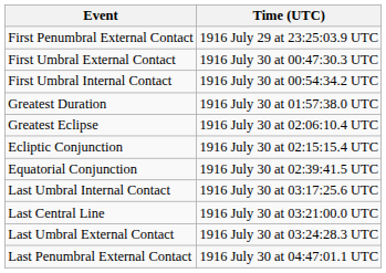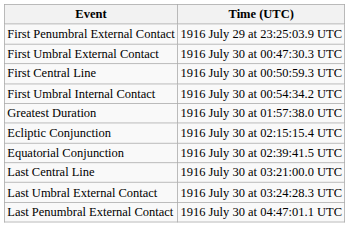 <table class="wikitable">
 <tr>
 <th>Event</th>
 <th>Time (UTC)</th>
 </tr>
 <tr>
 <td>First Penumbral External Contact</td>
 <td>1916 July 29 at 23:25:03.9 UTC</td>
 </tr>
 <tr>
 <td>First Umbral External Contact</td>
 <td>1916 July 30 at 00:47:30.3 UTC</td>
 </tr>
 <tr>
+<td>First Central Line</td>
+<td>1916 July 30 at 00:50:59.3 UTC</td>
+</tr>
+<tr>
 <td>First Umbral Internal Contact</td>
 <td>1916 July 30 at 00:54:34.2 UTC</td>
 </tr>
 <tr>
 <td>Greatest Duration</td>
 <td>1916 July 30 at 01:57:38.0 UTC</td>
 </tr>
 <tr>
-<td>Greatest Eclipse</td>
-<td>1916 July 30 at 02:06:10.4 UTC</td>
-</tr>
-<tr>
 <td>Ecliptic Conjunction</td>
 <td>1916 July 30 at 02:15:15.4 UTC</td>
 </tr>
 <tr>
 <td>Equatorial Conjunction</td>
 <td>1916 July 30 at 02:39:41.5 UTC</td>
-</tr>
-<tr>
-<td>Last Umbral Internal Contact</td>
-<td>1916 July 30 at 03:17:25.6 UTC</td>
 </tr>
 <tr>
 <td>Last Central Line</td>
 <td>1916 July 30 at 03:21:00.0 UTC</td>
 </tr>
 <tr>
 <td>Last Umbral External Contact</td>
 <td>1916 July 30 at 03:24:28.3 UTC</td>
 </tr>
 <tr>
 <td>Last Penumbral External Contact</td>
 <td>1916 July 30 at 04:47:01.1 UTC</td>
 </tr>
 </table>
